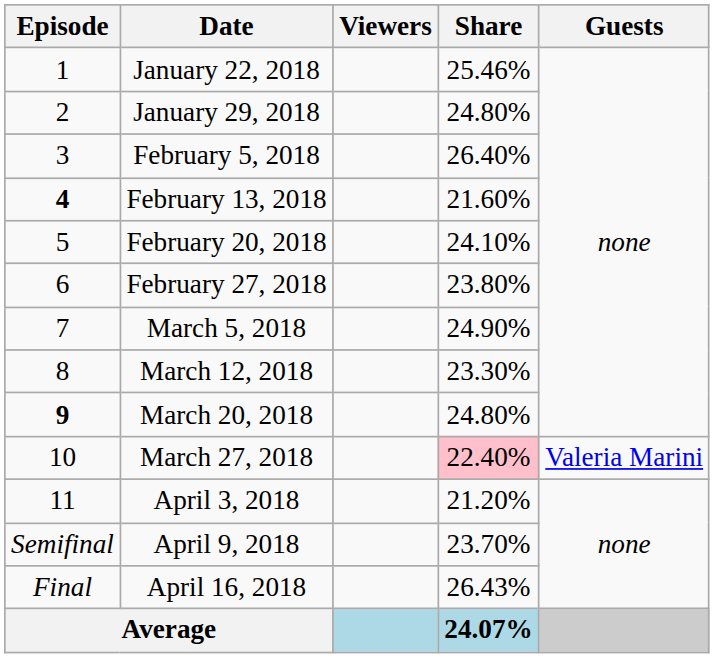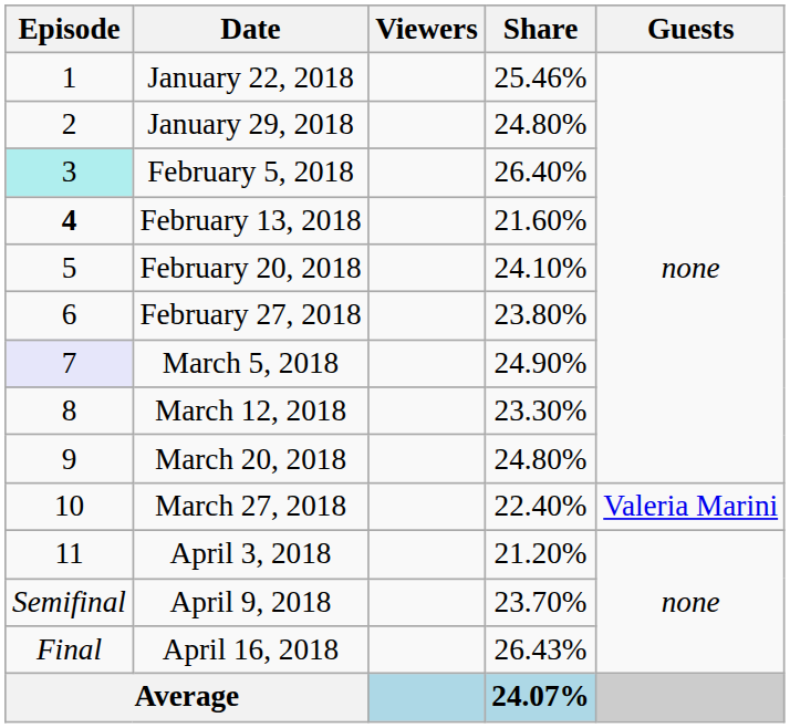 <table class="wikitable" style="text-align:center;">
 <tr>
 <th>Episode</th>
 <th>Date</th>
 <th>Viewers</th>
 <th>Share</th>
 <th>Guests</th>
 </tr>
 <tr>
 <td>1</td>
 <td>January 22, 2018</td>
 <td></td>
 <td>25.46%</td>
 <td rowspan="9"><em>none</em></td>
 </tr>
 <tr>
 <td>2</td>
 <td>January 29, 2018</td>
 <td></td>
 <td>24.80%</td>
 </tr>
 <tr>
-<td>3</td>
+<td style="background: paleturquoise;">3</td>
 <td>February 5, 2018</td>
 <td></td>
 <td>26.40%</td>
 </tr>
 <tr>
 <td><strong>4</strong></td>
 <td>February 13, 2018</td>
 <td></td>
 <td>21.60%</td>
 </tr>
 <tr>
 <td>5</td>
 <td>February 20, 2018</td>
 <td></td>
 <td>24.10%</td>
 </tr>
 <tr>
 <td>6</td>
 <td>February 27, 2018</td>
 <td></td>
 <td>23.80%</td>
 </tr>
 <tr>
-<td>7</td>
+<td style="background: lavender;">7</td>
 <td>March 5, 2018</td>
 <td></td>
 <td>24.90%</td>
 </tr>
 <tr>
 <td>8</td>
 <td>March 12, 2018</td>
 <td></td>
 <td>23.30%</td>
 </tr>
 <tr>
-<td><strong>9</strong></td>
+<td>9</td>
 <td>March 20, 2018</td>
 <td></td>
 <td>24.80%</td>
 </tr>
 <tr>
 <td>10</td>
 <td>March 27, 2018</td>
 <td></td>
-<td style="background: pink;">22.40%</td>
+<td>22.40%</td>
 <td><a href='#'>Valeria Marini</a></td>
 </tr>
 <tr>
 <td>11</td>
 <td>April 3, 2018</td>
 <td></td>
 <td>21.20%</td>
 <td rowspan="3"><em>none</em></td>
 </tr>
 <tr>
 <td><em>Semifinal</em></td>
 <td>April 9, 2018</td>
 <td></td>
 <td>23.70%</td>
 </tr>
 <tr>
 <td><em>Final</em></td>
 <td>April 16, 2018</td>
 <td></td>
 <td>26.43%</td>
 </tr>
 <tr>
 <th colspan="2">Average</th>
 <th style="background:lightblue"><strong></strong></th>
 <th style="background:lightblue"><strong>24.07%</strong></th>
 <th style="background:#CCC"></th>
 </tr>
 </table>
